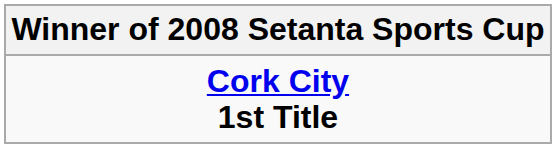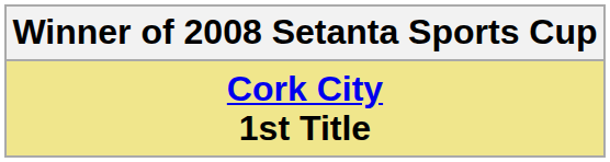 <table class="wikitable" style="text-align: center; margin: 0 auto;">
 <tr>
 <th>Winner of 2008 Setanta Sports Cup</th>
 </tr>
 <tr>
-<td> <strong><a href='#'>Cork City</a></strong><br><strong>1st Title</strong></td>
+<td style="background: khaki;"> <strong><a href='#'>Cork City</a></strong><br><strong>1st Title</strong></td>
 </tr>
 </table>
